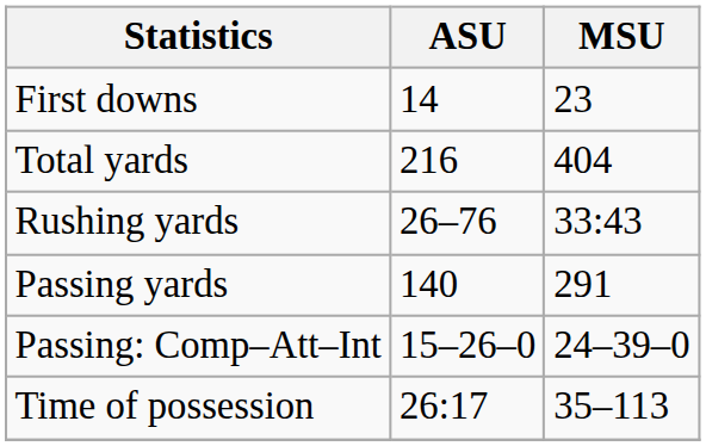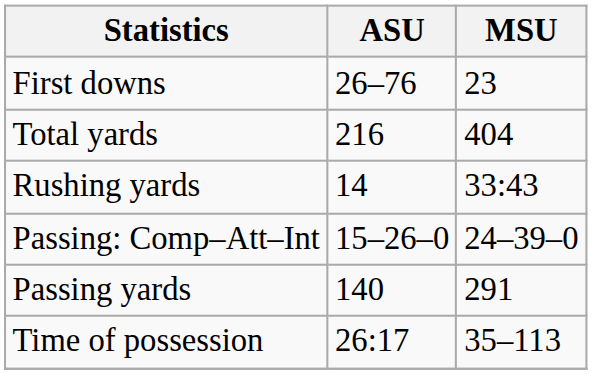 <table class="wikitable" style="float: left;">
 <tr>
 <th>Statistics</th>
 <th>ASU</th>
 <th>MSU</th>
 </tr>
 <tr>
 <td>First downs</td>
-<td>14</td>
+<td>26–76</td>
 <td>23</td>
 </tr>
 <tr>
 <td>Total yards</td>
 <td>216</td>
 <td>404</td>
 </tr>
 <tr>
 <td>Rushing yards</td>
-<td>26–76</td>
+<td>14</td>
 <td>33:43</td>
+</tr>
+<tr>
+<td>Passing: Comp–Att–Int</td>
+<td>15–26–0</td>
+<td>24–39–0</td>
 </tr>
 <tr>
 <td>Passing yards</td>
 <td>140</td>
 <td>291</td>
-</tr>
-<tr>
-<td>Passing: Comp–Att–Int</td>
-<td>15–26–0</td>
-<td>24–39–0</td>
 </tr>
 <tr>
 <td>Time of possession</td>
 <td>26:17</td>
 <td>35–113</td>
 </tr>
 <tr>
 </tr>
 </table>
